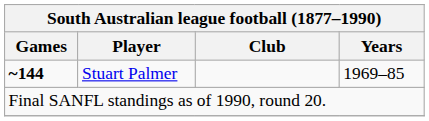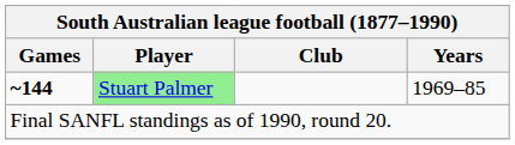 <table class="wikitable">
 <tr>
 <th colspan=4>South Australian league football (1877–1990)</th>
 </tr>
 <tr>
 <th style="width:60px;">Games</th>
 <th style="width:100px;">Player</th>
 <th style="width:125px;">Club</th>
 <th style="width:70px;">Years</th>
 </tr>
 <tr>
 <td><strong>~144</strong></td>
-<td><a href='#'>Stuart Palmer</a></td>
+<td style="background: lightgreen;"><a href='#'>Stuart Palmer</a></td>
 <td></td>
 <td>1969–85</td>
 </tr>
 <tr>
 <td colspan="4">Final SANFL standings as of 1990, round 20.</td>
 </tr>
 <tr>
 </tr>
 </table>
